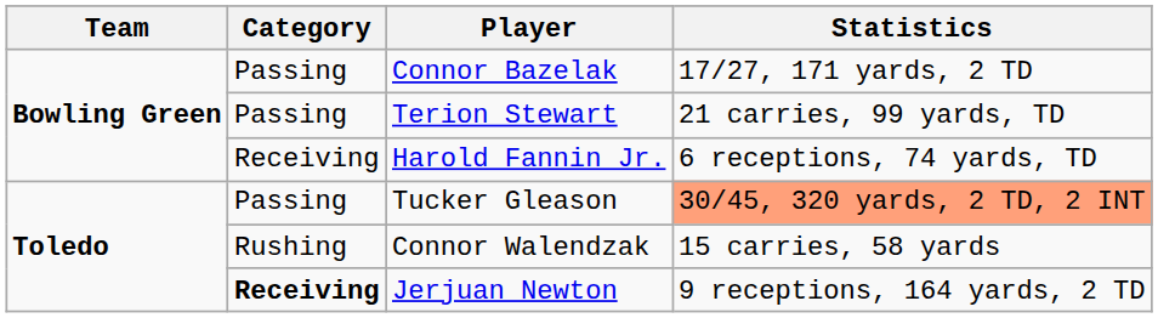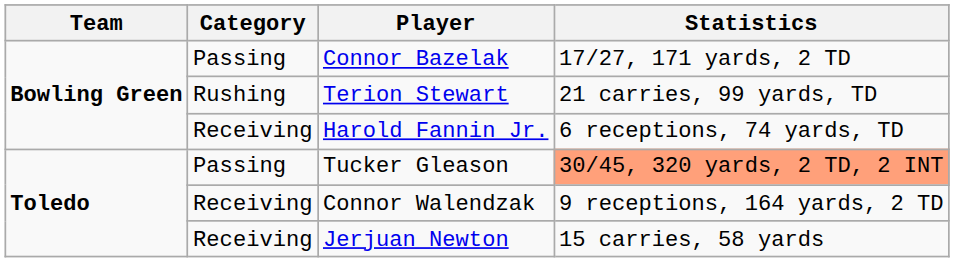 <table class="wikitable" style="float: right;">
 <tr>
 <th>Team</th>
 <th>Category</th>
 <th>Player</th>
 <th>Statistics</th>
 </tr>
 <tr>
 <td rowspan=3><strong>Bowling Green</strong></td>
 <td>Passing</td>
 <td><a href='#'>Connor Bazelak</a></td>
 <td>17/27, 171 yards, 2 TD</td>
 </tr>
 <tr>
-<td>Passing</td>
+<td>Rushing</td>
 <td><a href='#'>Terion Stewart</a></td>
 <td>21 carries, 99 yards, TD</td>
 </tr>
 <tr>
 <td>Receiving</td>
 <td><a href='#'>Harold Fannin Jr.</a></td>
 <td>6 receptions, 74 yards, TD</td>
 </tr>
 <tr>
 <td rowspan=3><strong>Toledo</strong></td>
 <td>Passing</td>
 <td>Tucker Gleason</td>
 <td style="background: lightsalmon;">30/45, 320 yards, 2 TD, 2 INT</td>
 </tr>
 <tr>
-<td>Rushing</td>
+<td>Receiving</td>
 <td>Connor Walendzak</td>
+<td>9 receptions, 164 yards, 2 TD</td>
+</tr>
+<tr>
+<td>Receiving</td>
+<td><a href='#'>Jerjuan Newton</a></td>
 <td>15 carries, 58 yards</td>
 </tr>
-<tr>
-<td><strong>Receiving</strong></td>
-<td><a href='#'>Jerjuan Newton</a></td>
-<td>9 receptions, 164 yards, 2 TD</td>
-</tr>
 </table>
